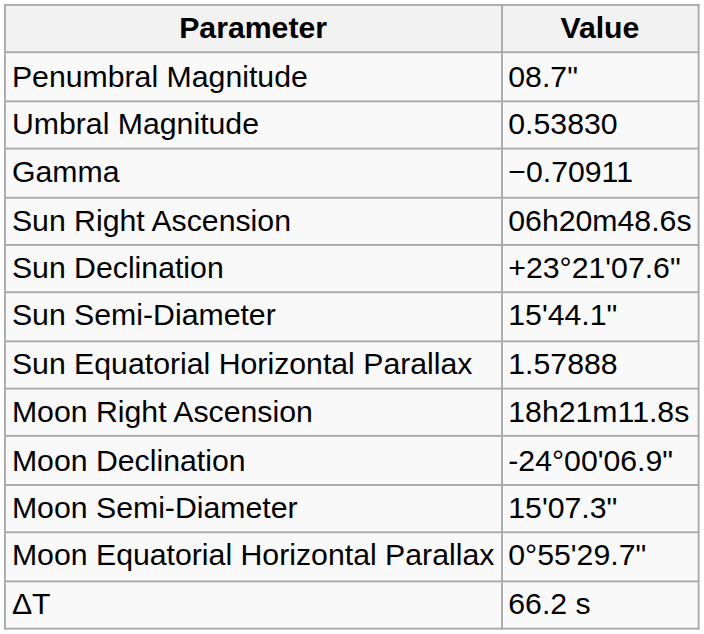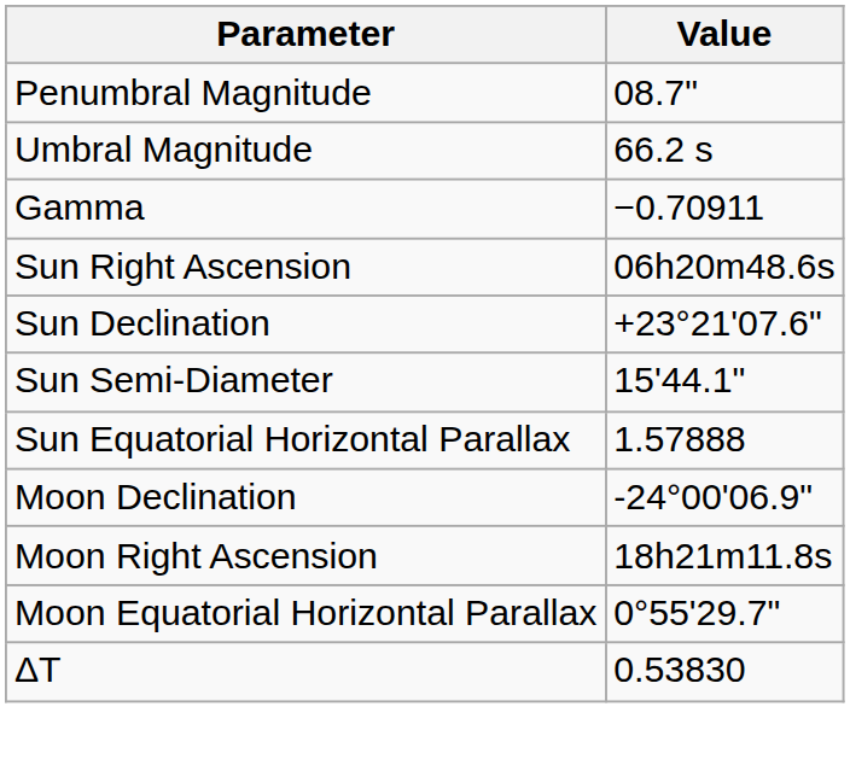 <table class="wikitable">
 <tr>
 <th>Parameter</th>
 <th>Value</th>
 </tr>
 <tr>
 <td>Penumbral Magnitude</td>
 <td>08.7"</td>
 </tr>
 <tr>
 <td>Umbral Magnitude</td>
-<td>0.53830</td>
+<td>66.2 s</td>
 </tr>
 <tr>
 <td>Gamma</td>
 <td>−0.70911</td>
 </tr>
 <tr>
 <td>Sun Right Ascension</td>
 <td>06h20m48.6s</td>
 </tr>
 <tr>
 <td>Sun Declination</td>
 <td>+23°21'07.6"</td>
 </tr>
 <tr>
 <td>Sun Semi-Diameter</td>
 <td>15'44.1"</td>
 </tr>
 <tr>
 <td>Sun Equatorial Horizontal Parallax</td>
 <td>1.57888</td>
 </tr>
 <tr>
-<td>Moon Right Ascension</td>
-<td>18h21m11.8s</td>
-</tr>
-<tr>
 <td>Moon Declination</td>
 <td>-24°00'06.9"</td>
 </tr>
 <tr>
-<td>Moon Semi-Diameter</td>
-<td>15'07.3"</td>
+<td>Moon Right Ascension</td>
+<td>18h21m11.8s</td>
 </tr>
 <tr>
 <td>Moon Equatorial Horizontal Parallax</td>
 <td>0°55'29.7"</td>
 </tr>
 <tr>
 <td>ΔT</td>
-<td>66.2 s</td>
+<td>0.53830</td>
 </tr>
 </table>
